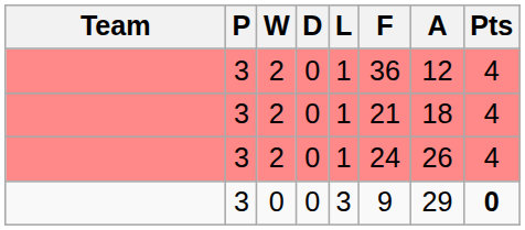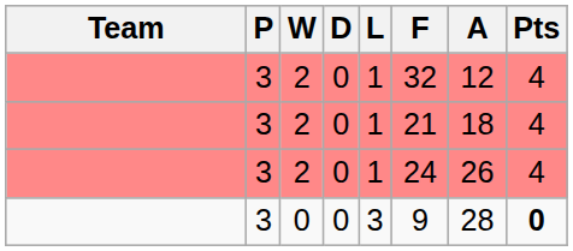 <table class="wikitable" style="text-align:center;">
 <tr>
 <th width="120px">Team</th>
 <th>P</th>
 <th>W</th>
 <th>D</th>
 <th>L</th>
 <th width="23px">F</th>
 <th width="23px">A</th>
 <th width="23px">Pts</th>
 </tr>
 <tr bgcolor="#FF8888">
 <td></td>
 <td>3</td>
 <td>2</td>
 <td>0</td>
 <td>1</td>
-<td>36</td>
+<td>32</td>
 <td>12</td>
 <td>4</td>
 </tr>
 <tr bgcolor="#FF8888">
 <td></td>
 <td>3</td>
 <td>2</td>
 <td>0</td>
 <td>1</td>
 <td>21</td>
 <td>18</td>
 <td>4</td>
 </tr>
 <tr bgcolor="#FF8888">
 <td></td>
 <td>3</td>
 <td>2</td>
 <td>0</td>
 <td>1</td>
 <td>24</td>
 <td>26</td>
 <td>4</td>
 </tr>
 <tr>
 <td></td>
 <td>3</td>
 <td>0</td>
 <td>0</td>
 <td>3</td>
 <td>9</td>
-<td>29</td>
+<td>28</td>
 <td><strong>0</strong></td>
 </tr>
 </table>
